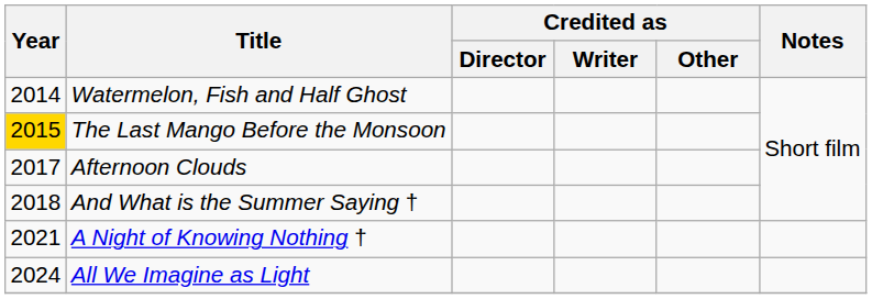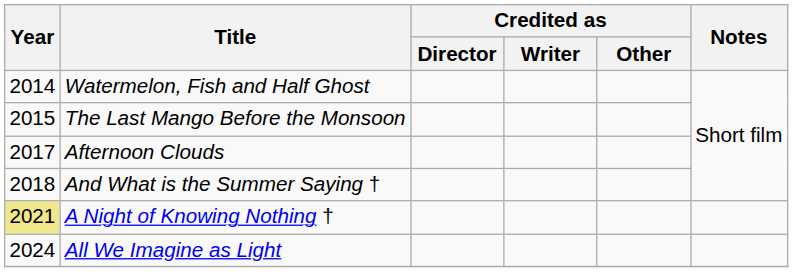 <table class="wikitable">
 <tr>
 <th rowspan="2">Year</th>
 <th rowspan="2">Title</th>
 <th colspan="3">Credited as</th>
 <th rowspan="2">Notes</th>
 </tr>
 <tr>
 <th width=65>Director</th>
 <th width=65>Writer</th>
 <th width=65>Other</th>
 </tr>
 <tr>
 <td>2014</td>
 <td><em>Watermelon, Fish and Half Ghost</em></td>
 <td></td>
 <td></td>
 <td></td>
 <td rowspan="4">Short film</td>
 </tr>
 <tr>
-<td style="background: gold;">2015</td>
+<td>2015</td>
 <td><em>The Last Mango Before the Monsoon</em></td>
 <td></td>
 <td></td>
 <td></td>
 </tr>
 <tr>
 <td>2017</td>
 <td><em>Afternoon Clouds</em></td>
 <td></td>
 <td></td>
 <td></td>
 </tr>
 <tr>
 <td>2018</td>
 <td><em>And What is the Summer Saying</em> †</td>
 <td></td>
 <td></td>
 <td></td>
 </tr>
 <tr>
-<td>2021</td>
+<td style="background: khaki;">2021</td>
 <td><em><a href='#'>A Night of Knowing Nothing</a></em> †</td>
 <td></td>
 <td></td>
 <td></td>
 <td></td>
 </tr>
 <tr>
 <td>2024</td>
 <td><em><a href='#'>All We Imagine as Light</a></em></td>
 <td></td>
 <td></td>
 <td></td>
 <td></td>
 </tr>
 <tr>
 </tr>
 </table>
